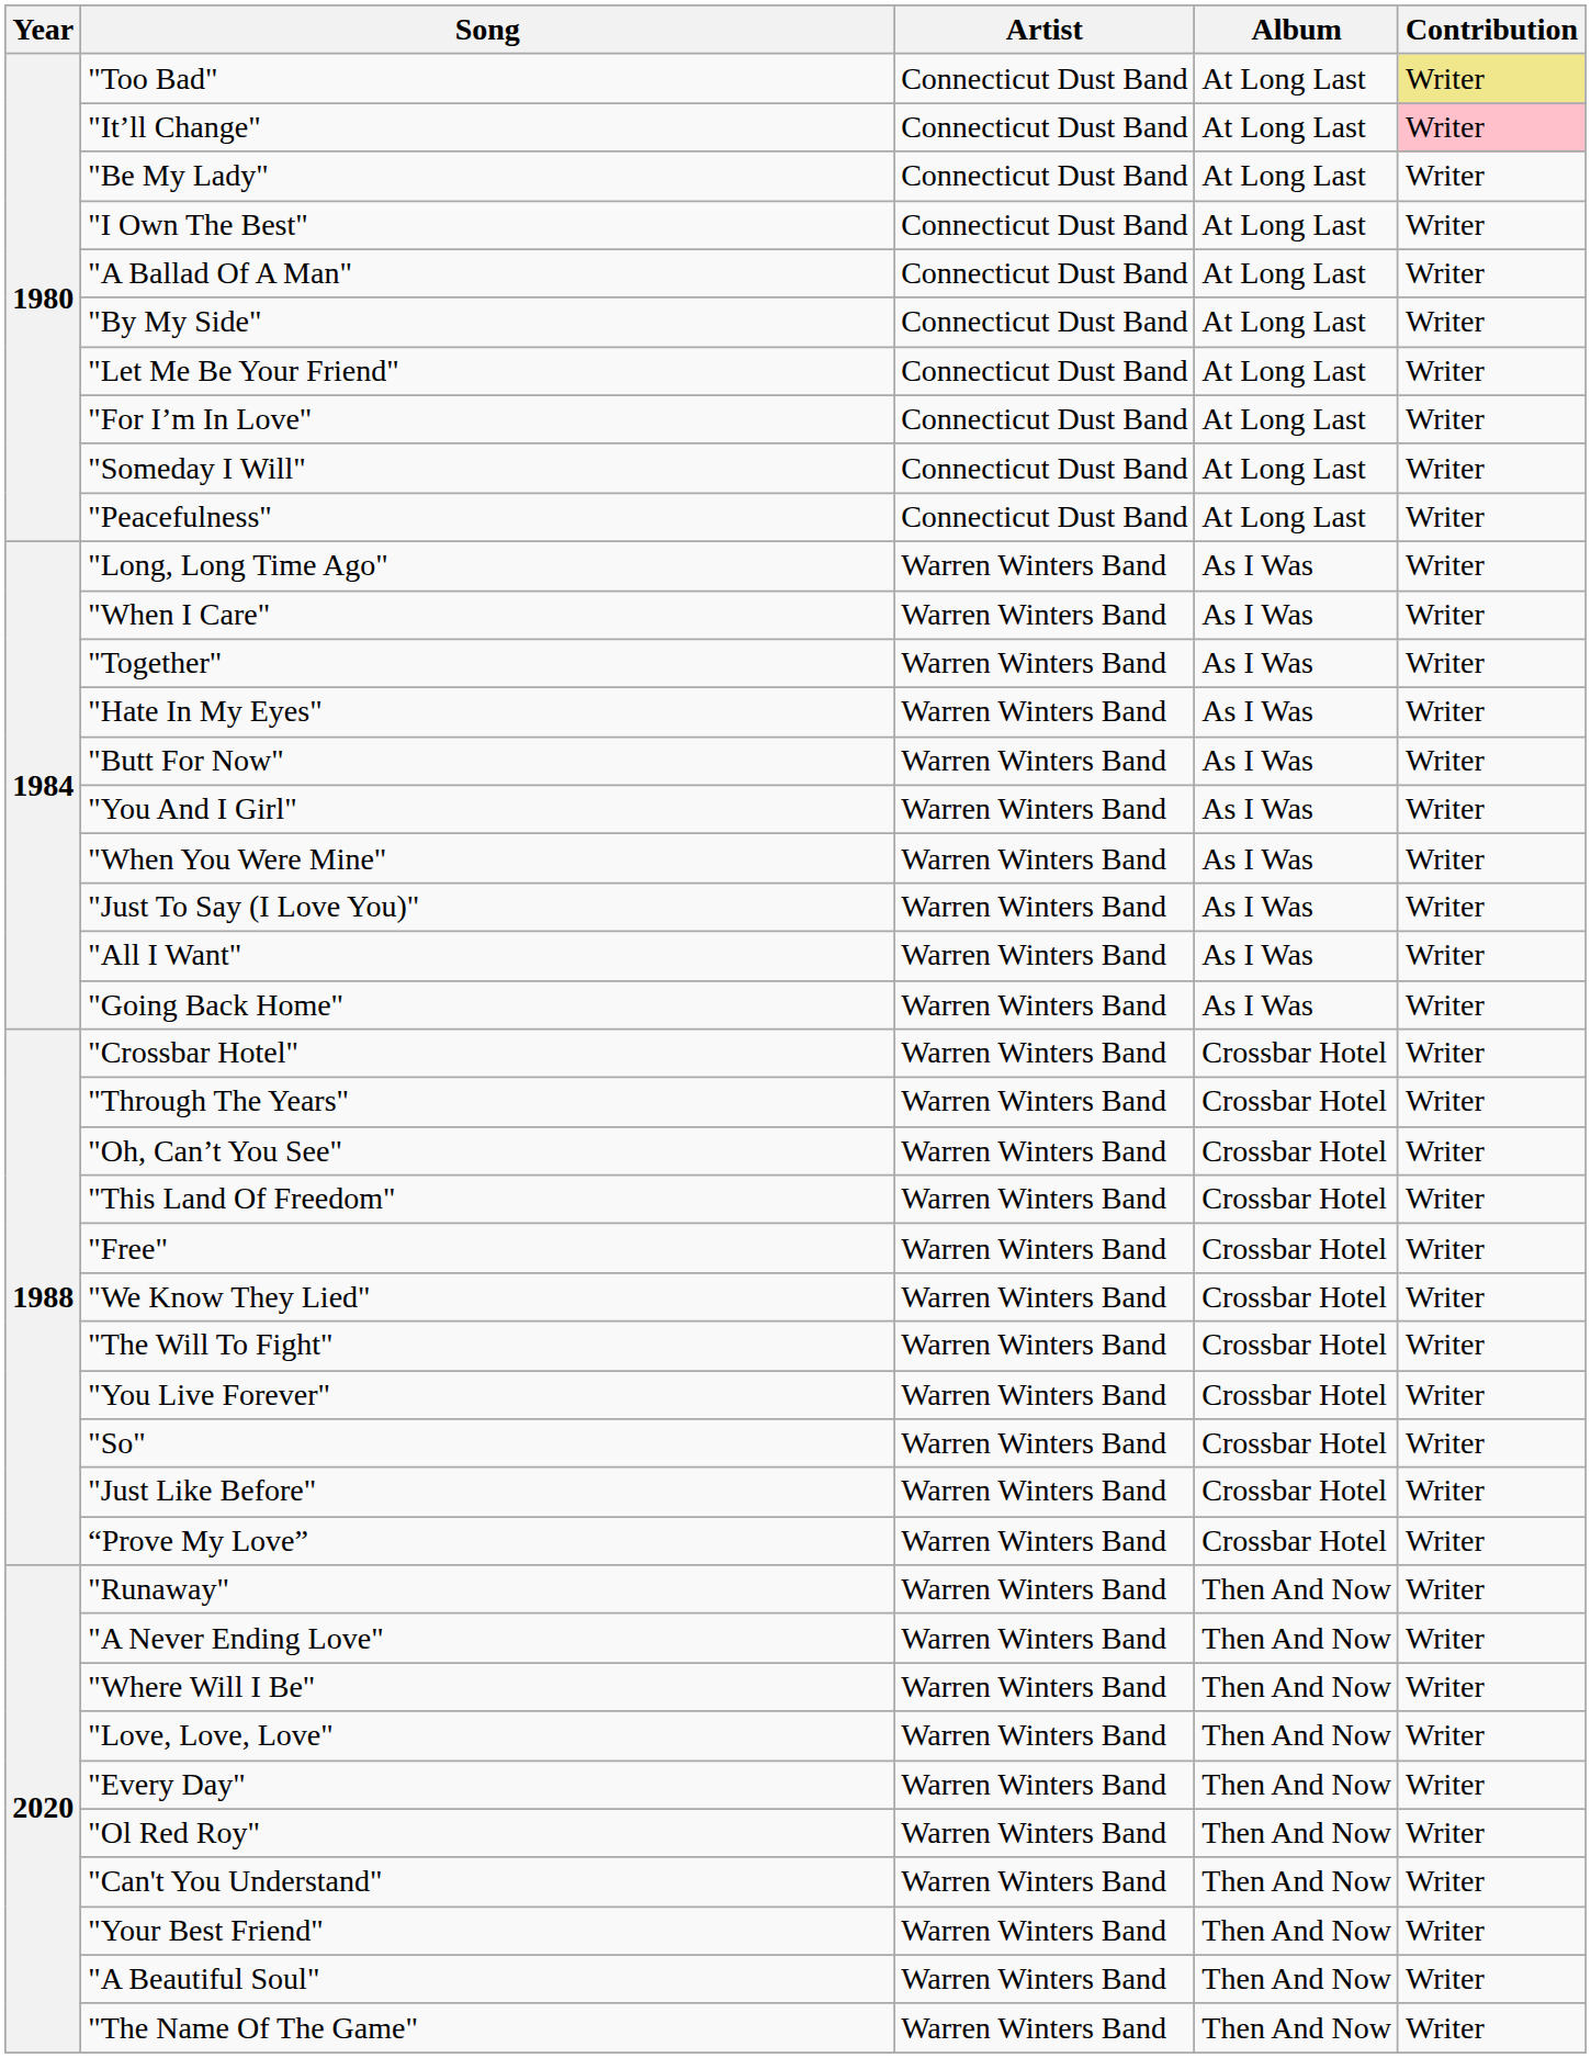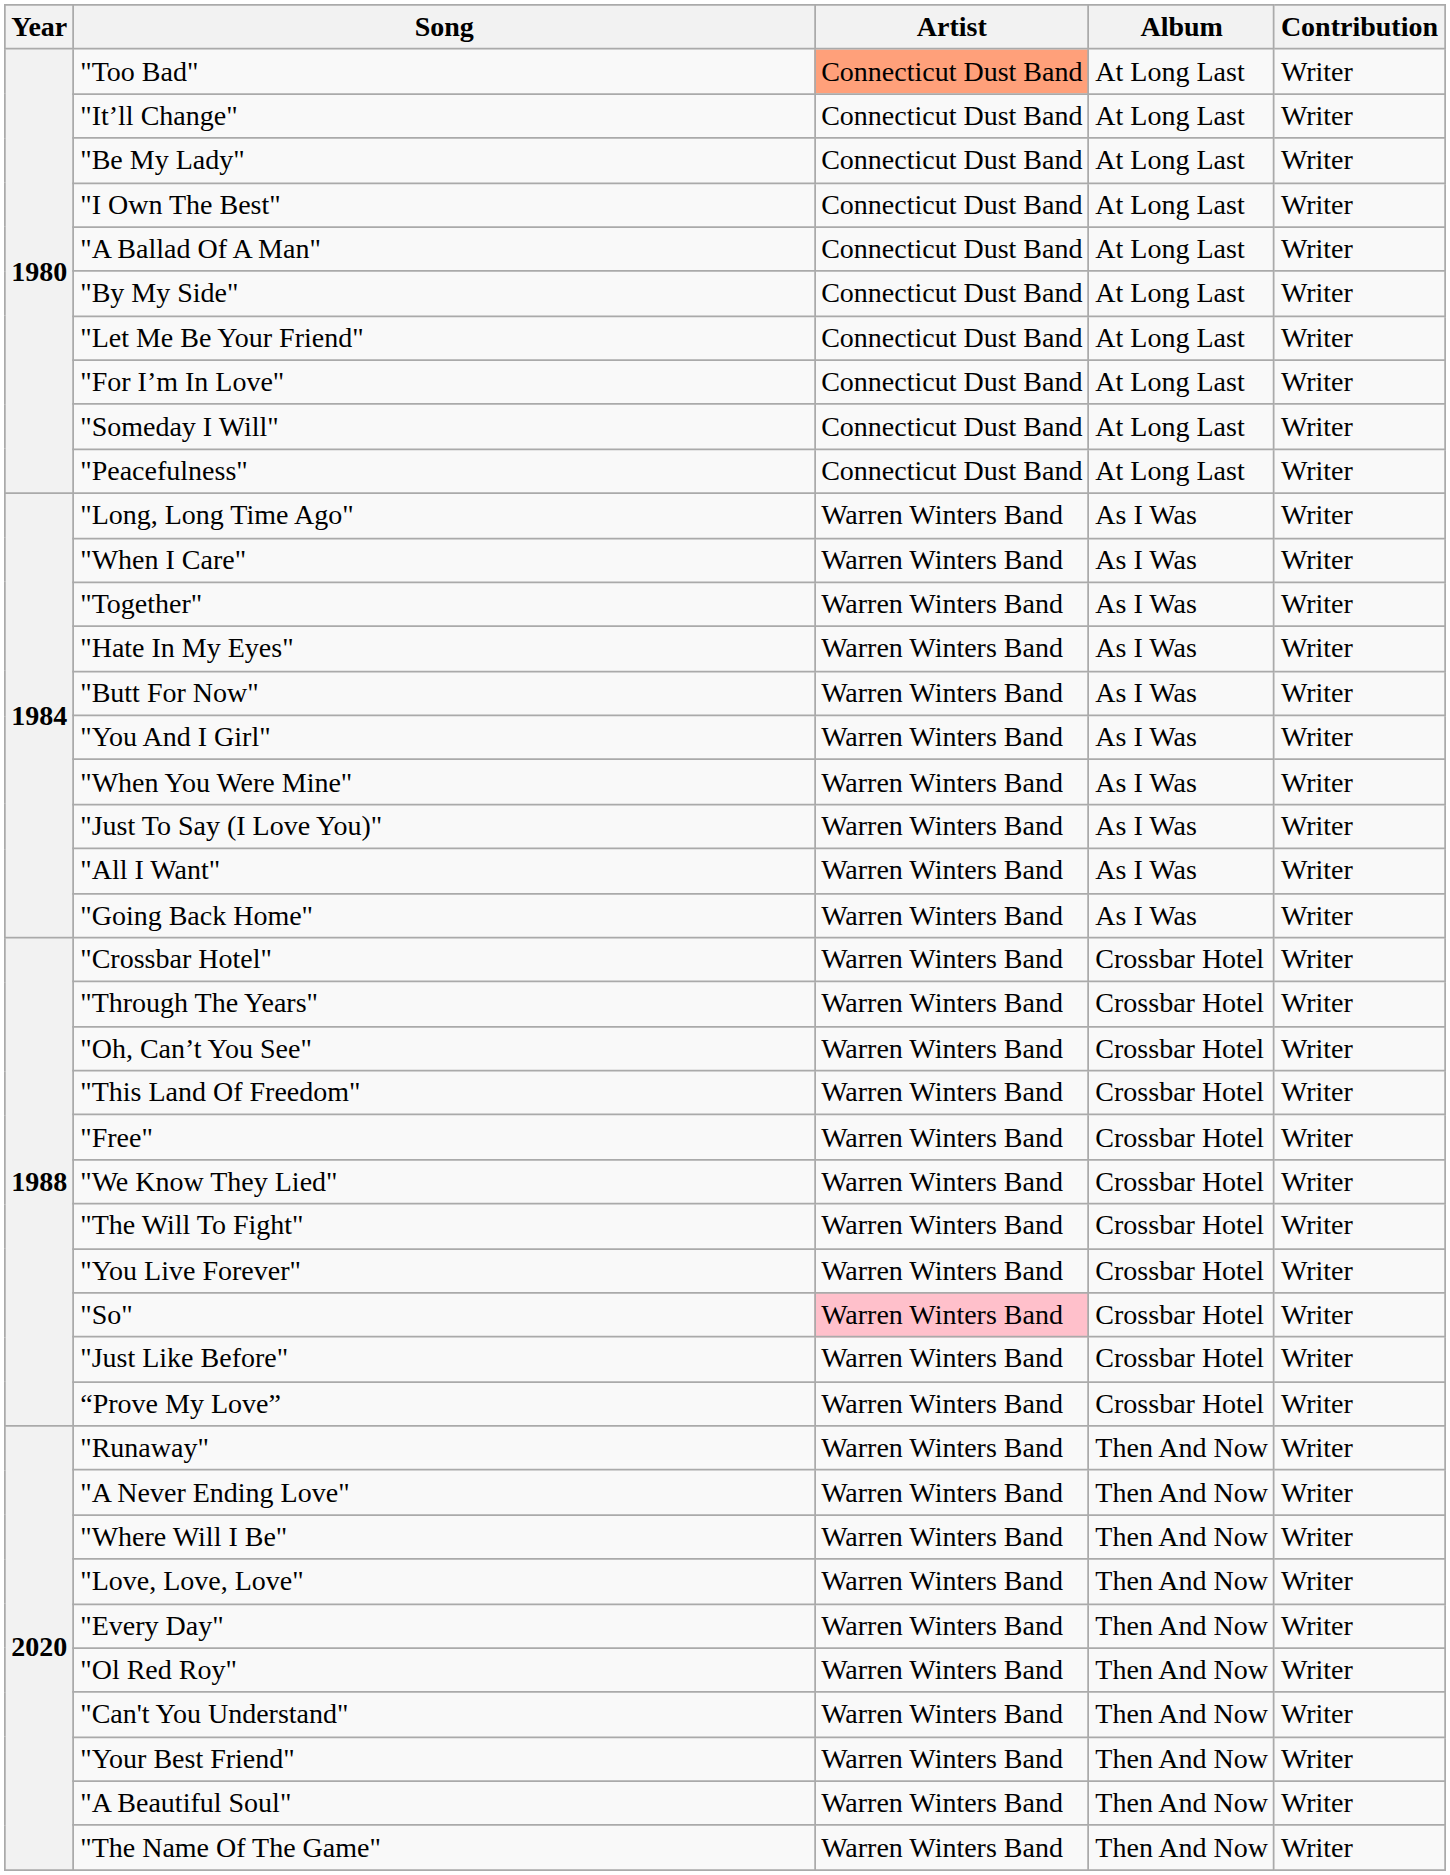 <table class="wikitable plainrowheaders" border="1">
 <tr>
 <th scope="col">Year</th>
 <th scope="col" style="width:26em;">Song</th>
 <th scope="col">Artist</th>
 <th scope="col">Album</th>
 <th scope="col">Contribution</th>
 </tr>
 <tr>
 <th scope="row" rowspan="10">1980</th>
 <td>"Too Bad"</td>
-<td>Connecticut Dust Band</td>
+<td style="background: lightsalmon;">Connecticut Dust Band</td>
 <td>At Long Last</td>
-<td style="background: khaki;">Writer </td>
+<td>Writer </td>
 </tr>
 <tr>
 <td>"It’ll Change"</td>
 <td>Connecticut Dust Band</td>
 <td>At Long Last</td>
-<td style="background: pink;">Writer </td>
+<td>Writer </td>
 </tr>
 <tr>
 <td>"Be My Lady"</td>
 <td>Connecticut Dust Band</td>
 <td>At Long Last</td>
 <td>Writer </td>
 </tr>
 <tr>
 <td>"I Own The Best"</td>
 <td>Connecticut Dust Band</td>
 <td>At Long Last</td>
 <td>Writer </td>
 </tr>
 <tr>
 <td>"A Ballad Of A Man"</td>
 <td>Connecticut Dust Band</td>
 <td>At Long Last</td>
 <td>Writer </td>
 </tr>
 <tr>
 <td>"By My Side"</td>
 <td>Connecticut Dust Band</td>
 <td>At Long Last</td>
 <td>Writer </td>
 </tr>
 <tr>
 <td>"Let Me Be Your Friend"</td>
 <td>Connecticut Dust Band</td>
 <td>At Long Last</td>
 <td>Writer </td>
 </tr>
 <tr>
 <td>"For I’m In Love"</td>
 <td>Connecticut Dust Band</td>
 <td>At Long Last</td>
 <td>Writer </td>
 </tr>
 <tr>
 <td>"Someday I Will"</td>
 <td>Connecticut Dust Band</td>
 <td>At Long Last</td>
 <td>Writer </td>
 </tr>
 <tr>
 <td>"Peacefulness"</td>
 <td>Connecticut Dust Band</td>
 <td>At Long Last</td>
 <td>Writer </td>
 </tr>
 <tr>
 <th scope="row" rowspan="10">1984</th>
 <td>"Long, Long Time Ago"</td>
 <td>Warren Winters Band</td>
 <td>As I Was</td>
 <td>Writer </td>
 </tr>
 <tr>
 <td>"When I Care"</td>
 <td>Warren Winters Band</td>
 <td>As I Was</td>
 <td>Writer </td>
 </tr>
 <tr>
 <td>"Together"</td>
 <td>Warren Winters Band</td>
 <td>As I Was</td>
 <td>Writer </td>
 </tr>
 <tr>
 <td>"Hate In My Eyes"</td>
 <td>Warren Winters Band</td>
 <td>As I Was</td>
 <td>Writer </td>
 </tr>
 <tr>
 <td>"Butt For Now"</td>
 <td>Warren Winters Band</td>
 <td>As I Was</td>
 <td>Writer </td>
 </tr>
 <tr>
 <td>"You And I Girl"</td>
 <td>Warren Winters Band</td>
 <td>As I Was</td>
 <td>Writer </td>
 </tr>
 <tr>
 <td>"When You Were Mine"</td>
 <td>Warren Winters Band</td>
 <td>As I Was</td>
 <td>Writer </td>
 </tr>
 <tr>
 <td>"Just To Say (I Love You)"</td>
 <td>Warren Winters Band</td>
 <td>As I Was</td>
 <td>Writer </td>
 </tr>
 <tr>
 <td>"All I Want"</td>
 <td>Warren Winters Band</td>
 <td>As I Was</td>
 <td>Writer </td>
 </tr>
 <tr>
 <td>"Going Back Home"</td>
 <td>Warren Winters Band</td>
 <td>As I Was</td>
 <td>Writer </td>
 </tr>
 <tr>
 <th scope="row" rowspan="11">1988</th>
 <td>"Crossbar Hotel"</td>
 <td>Warren Winters Band</td>
 <td>Crossbar Hotel</td>
 <td>Writer </td>
 </tr>
 <tr>
 <td>"Through The Years"</td>
 <td>Warren Winters Band</td>
 <td>Crossbar Hotel</td>
 <td>Writer </td>
 </tr>
 <tr>
 <td>"Oh, Can’t You See"</td>
 <td>Warren Winters Band</td>
 <td>Crossbar Hotel</td>
 <td>Writer </td>
 </tr>
 <tr>
 <td>"This Land Of Freedom"</td>
 <td>Warren Winters Band</td>
 <td>Crossbar Hotel</td>
 <td>Writer </td>
 </tr>
 <tr>
 <td>"Free"</td>
 <td>Warren Winters Band</td>
 <td>Crossbar Hotel</td>
 <td>Writer </td>
 </tr>
 <tr>
 <td>"We Know They Lied"</td>
 <td>Warren Winters Band</td>
 <td>Crossbar Hotel</td>
 <td>Writer </td>
 </tr>
 <tr>
 <td>"The Will To Fight"</td>
 <td>Warren Winters Band</td>
 <td>Crossbar Hotel</td>
 <td>Writer </td>
 </tr>
 <tr>
 <td>"You Live Forever"</td>
 <td>Warren Winters Band</td>
 <td>Crossbar Hotel</td>
 <td>Writer </td>
 </tr>
 <tr>
 <td>"So"</td>
-<td>Warren Winters Band</td>
+<td style="background: pink;">Warren Winters Band</td>
 <td>Crossbar Hotel</td>
 <td>Writer </td>
 </tr>
 <tr>
 <td>"Just Like Before"</td>
 <td>Warren Winters Band</td>
 <td>Crossbar Hotel</td>
 <td>Writer </td>
 </tr>
 <tr>
 <td>“Prove My Love”</td>
 <td>Warren Winters Band</td>
 <td>Crossbar Hotel</td>
 <td>Writer </td>
 </tr>
 <tr>
 <th scope="row" rowspan="10">2020</th>
 <td>"Runaway"</td>
 <td>Warren Winters Band</td>
 <td>Then And Now</td>
 <td>Writer </td>
 </tr>
 <tr>
 <td>"A Never Ending Love"</td>
 <td>Warren Winters Band</td>
 <td>Then And Now</td>
 <td>Writer </td>
 </tr>
 <tr>
 <td>"Where Will I Be"</td>
 <td>Warren Winters Band</td>
 <td>Then And Now</td>
 <td>Writer </td>
 </tr>
 <tr>
 <td>"Love, Love, Love"</td>
 <td>Warren Winters Band</td>
 <td>Then And Now</td>
 <td>Writer </td>
 </tr>
 <tr>
 <td>"Every Day"</td>
 <td>Warren Winters Band</td>
 <td>Then And Now</td>
 <td>Writer </td>
 </tr>
 <tr>
 <td>"Ol Red Roy"</td>
 <td>Warren Winters Band</td>
 <td>Then And Now</td>
 <td>Writer </td>
 </tr>
 <tr>
 <td>"Can't You Understand"</td>
 <td>Warren Winters Band</td>
 <td>Then And Now</td>
 <td>Writer </td>
 </tr>
 <tr>
 <td>"Your Best Friend"</td>
 <td>Warren Winters Band</td>
 <td>Then And Now</td>
 <td>Writer </td>
 </tr>
 <tr>
 <td>"A Beautiful Soul"</td>
 <td>Warren Winters Band</td>
 <td>Then And Now</td>
 <td>Writer </td>
 </tr>
 <tr>
 <td>"The Name Of The Game"</td>
 <td>Warren Winters Band</td>
 <td>Then And Now</td>
 <td>Writer </td>
 </tr>
 <tr>
 </tr>
 </table>
